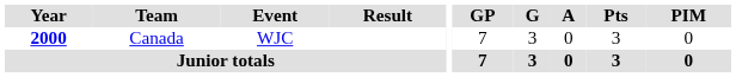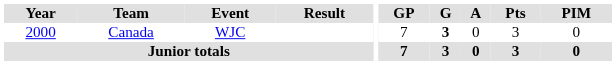 <table border="0" cellpadding="1" cellspacing="0" ID="Table3" style="text-align:center; width:40em">
 <tr ALIGN="center" bgcolor="#e0e0e0">
 <th>Year</th>
 <th>Team</th>
 <th>Event</th>
 <th>Result</th>
 <th rowspan="99" bgcolor="#ffffff"></th>
 <th>GP</th>
 <th>G</th>
 <th>A</th>
 <th>Pts</th>
 <th>PIM</th>
 </tr>
 <tr>
-<td><strong><a href='#'>2000</a></strong></td>
+<td><a href='#'>2000</a></td>
 <td><a href='#'>Canada</a></td>
 <td><a href='#'>WJC</a></td>
 <td></td>
 <td>7</td>
-<td>3</td>
+<td><strong>3</strong></td>
 <td>0</td>
 <td>3</td>
 <td>0</td>
 </tr>
 <tr bgcolor="#e0e0e0">
 <th colspan="4">Junior totals</th>
 <th>7</th>
 <th>3</th>
 <th>0</th>
 <th>3</th>
 <th>0</th>
 </tr>
 </table>
